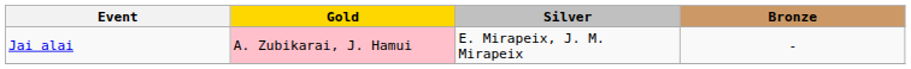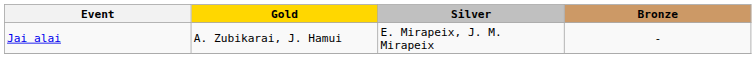 <table class="wikitable" style="max-width: 23cm; width: 100%">
 <tr>
 <th scope="col">Event</th>
 <th scope="col" style="background-color:gold; width:25%">Gold</th>
 <th scope="col" style="background-color:silver; width:25%; width:25%">Silver</th>
 <th scope="col" style="background-color:#cc9966; width:25%">Bronze</th>
 </tr>
 <tr>
 <td><a href='#'>Jai alai</a></td>
-<td style="background: pink;"> A. Zubikarai, J. Hamui</td>
+<td> A. Zubikarai, J. Hamui</td>
 <td> E. Mirapeix, J. M. Mirapeix</td>
 <td align=center>-</td>
 </tr>
 <tr>
 </tr>
 </table>
